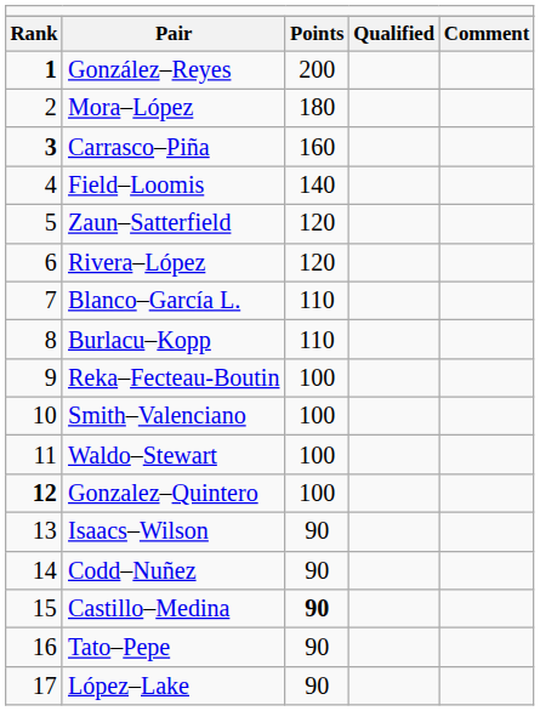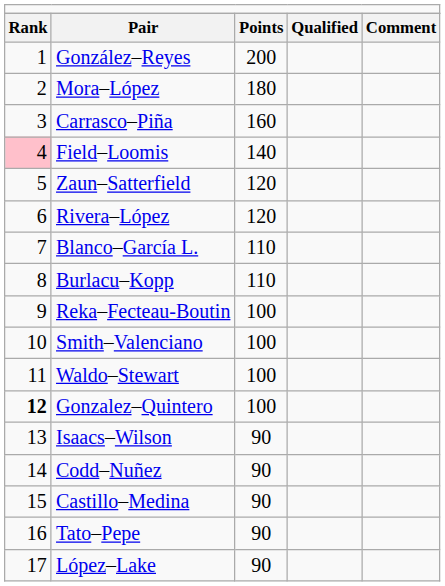 <table class="wikitable">
 <tr>
 <td colspan=5 align="center"></td>
 </tr>
 <tr>
 </tr>
 <tr style="font-size:10pt;font-weight:bold">
 <th>Rank</th>
 <th>Pair</th>
 <th>Points</th>
 <th>Qualified</th>
 <th>Comment</th>
 </tr>
 <tr>
-<td align=right><strong>1</strong></td>
+<td align=right>1</td>
 <td> <a href='#'>González</a>–<a href='#'>Reyes</a></td>
 <td align=center>200</td>
 <td></td>
 <td></td>
 </tr>
 <tr>
 <td align=right>2</td>
 <td> <a href='#'>Mora</a>–<a href='#'>López</a></td>
 <td align=center>180</td>
 <td></td>
 <td></td>
 </tr>
 <tr>
-<td align=right><strong>3</strong></td>
+<td align=right>3</td>
 <td> <a href='#'>Carrasco</a>–<a href='#'>Piña</a></td>
 <td align=center>160</td>
 <td></td>
 <td></td>
 </tr>
 <tr>
-<td align=right>4</td>
+<td align=right style="background: pink;">4</td>
 <td> <a href='#'>Field</a>–<a href='#'>Loomis</a></td>
 <td align=center>140</td>
 <td></td>
 <td></td>
 </tr>
 <tr>
 <td align=right>5</td>
 <td> <a href='#'>Zaun</a>–<a href='#'>Satterfield</a></td>
 <td align=center>120</td>
 <td></td>
 <td></td>
 </tr>
 <tr>
 <td align=right>6</td>
 <td> <a href='#'>Rivera</a>–<a href='#'>López</a></td>
 <td align=center>120</td>
 <td></td>
 <td></td>
 </tr>
 <tr>
 <td align=right>7</td>
 <td> <a href='#'>Blanco</a>–<a href='#'>García L.</a></td>
 <td align=center>110</td>
 <td></td>
 <td></td>
 </tr>
 <tr>
 <td align=right>8</td>
 <td> <a href='#'>Burlacu</a>–<a href='#'>Kopp</a></td>
 <td align=center>110</td>
 <td></td>
 <td></td>
 </tr>
 <tr>
 <td align=right>9</td>
 <td> <a href='#'>Reka</a>–<a href='#'>Fecteau-Boutin</a></td>
 <td align=center>100</td>
 <td></td>
 <td></td>
 </tr>
 <tr>
 <td align=right>10</td>
 <td> <a href='#'>Smith</a>–<a href='#'>Valenciano</a></td>
 <td align=center>100</td>
 <td></td>
 <td></td>
 </tr>
 <tr>
 <td align=right>11</td>
 <td> <a href='#'>Waldo</a>–<a href='#'>Stewart</a></td>
 <td align=center>100</td>
 <td></td>
 <td></td>
 </tr>
 <tr>
 <td align=right><strong>12</strong></td>
 <td> <a href='#'>Gonzalez</a>–<a href='#'>Quintero</a></td>
 <td align=center>100</td>
 <td></td>
 <td></td>
 </tr>
 <tr>
 <td align=right>13</td>
 <td> <a href='#'>Isaacs</a>–<a href='#'>Wilson</a></td>
 <td align=center>90</td>
 <td></td>
 <td></td>
 </tr>
 <tr>
 <td align=right>14</td>
 <td> <a href='#'>Codd</a>–<a href='#'>Nuñez</a></td>
 <td align=center>90</td>
 <td></td>
 <td></td>
 </tr>
 <tr>
 <td align=right>15</td>
 <td> <a href='#'>Castillo</a>–<a href='#'>Medina</a></td>
-<td align=center><strong>90</strong></td>
+<td align=center>90</td>
 <td></td>
 <td></td>
 </tr>
 <tr>
 <td align=right>16</td>
 <td> <a href='#'>Tato</a>–<a href='#'>Pepe</a></td>
 <td align=center>90</td>
 <td></td>
 <td></td>
 </tr>
 <tr>
 <td align=right>17</td>
 <td> <a href='#'>López</a>–<a href='#'>Lake</a></td>
 <td align=center>90</td>
 <td></td>
 <td></td>
 </tr>
 </table>
